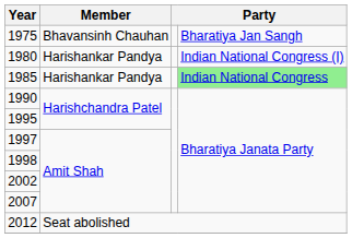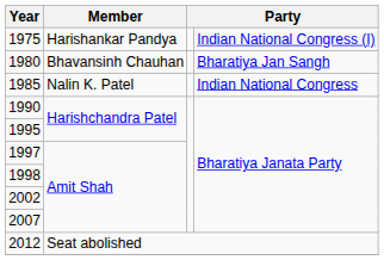 <table class="wikitable sortable">
 <tr>
 <th>Year</th>
 <th>Member</th>
 <th colspan="2">Party</th>
 </tr>
 <tr>
 <td>1975</td>
+<td>Harishankar Pandya</td>
+<td style="background-color: "></td>
+<td><a href='#'>Indian National Congress (I)</a></td>
+</tr>
+<tr>
+<td>1980</td>
 <td>Bhavansinh Chauhan</td>
 <td style="background-color: "></td>
 <td><a href='#'>Bharatiya Jan Sangh</a></td>
 </tr>
 <tr>
-<td>1980</td>
-<td>Harishankar Pandya</td>
+<td>1985</td>
+<td>Nalin K. Patel</td>
 <td style="background-color: "></td>
-<td><a href='#'>Indian National Congress (I)</a></td>
-</tr>
-<tr>
-<td>1985</td>
-<td>Harishankar Pandya</td>
-<td style="background-color: "></td>
-<td style="background: lightgreen;"><a href='#'>Indian National Congress</a></td>
+<td><a href='#'>Indian National Congress</a></td>
 </tr>
 <tr>
 <td>1990</td>
 <td rowspan=2><a href='#'>Harishchandra Patel</a></td>
 <td rowspan=6 style="background-color: "></td>
 <td rowspan=6><a href='#'>Bharatiya Janata Party</a></td>
 </tr>
 <tr>
 <td>1995</td>
 </tr>
 <tr>
 <td>1997</td>
 <td rowspan=4><a href='#'>Amit Shah</a></td>
 </tr>
 <tr>
 <td>1998</td>
 </tr>
 <tr>
 <td>2002</td>
 </tr>
 <tr>
 <td>2007</td>
 </tr>
 <tr>
 <td>2012</td>
 <td colspan=4>Seat abolished</td>
 </tr>
 <tr>
 </tr>
 </table>
